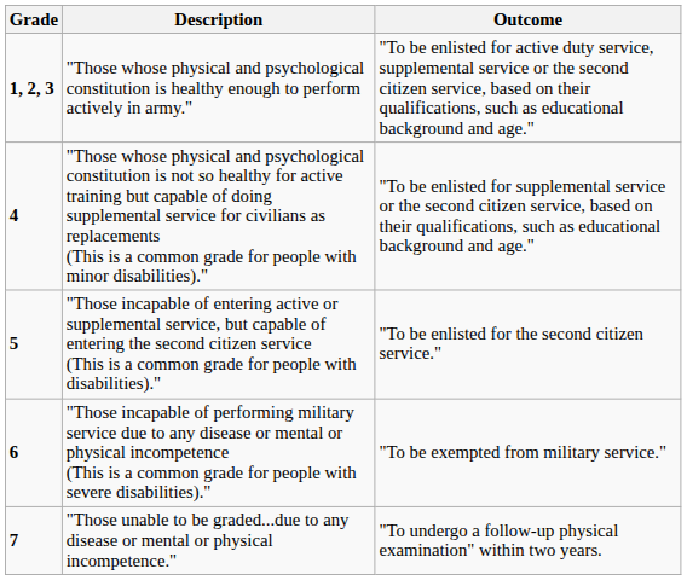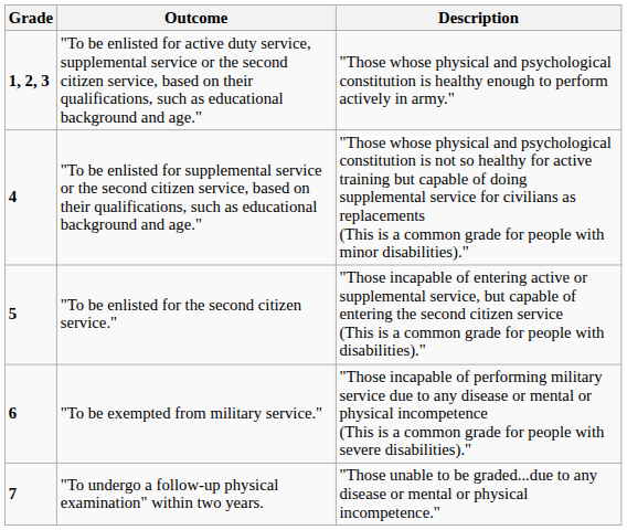 <table class="wikitable">
 <tr>
 <th>Grade</th>
+<th>Outcome</th>
 <th>Description</th>
-<th>Outcome</th>
 </tr>
 <tr>
 <td><strong>1, 2, 3</strong></td>
+<td>"To be enlisted for active duty service, supplemental service or the second citizen service, based on their qualifications, such as educational background and age."</td>
 <td>"Those whose physical and psychological constitution is healthy enough to perform actively in army."</td>
-<td>"To be enlisted for active duty service, supplemental service or the second citizen service, based on their qualifications, such as educational background and age."</td>
 </tr>
 <tr>
 <td><strong>4</strong></td>
+<td>"To be enlisted for supplemental service or the second citizen service, based on their qualifications, such as educational background and age."</td>
 <td>"Those whose physical and psychological constitution is not so healthy for active training but capable of doing supplemental service for civilians as replacements<br>(This is a common grade for people with minor disabilities)."</td>
-<td>"To be enlisted for supplemental service or the second citizen service, based on their qualifications, such as educational background and age."</td>
 </tr>
 <tr>
 <td><strong>5</strong></td>
+<td>"To be enlisted for the second citizen service."</td>
 <td>"Those incapable of entering active or supplemental service, but capable of entering the second citizen service<br>(This is a common grade for people with disabilities)."</td>
-<td>"To be enlisted for the second citizen service."</td>
 </tr>
 <tr>
 <td><strong>6</strong></td>
+<td>"To be exempted from military service."</td>
 <td>"Those incapable of performing military service due to any disease or mental or physical incompetence<br>(This is a common grade for people with severe disabilities)."</td>
-<td>"To be exempted from military service."</td>
 </tr>
 <tr>
 <td><strong>7</strong></td>
+<td>"To undergo a follow-up physical examination" within two years.</td>
 <td>"Those unable to be graded...due to any disease or mental or physical incompetence."</td>
-<td>"To undergo a follow-up physical examination" within two years.</td>
 </tr>
 </table>
